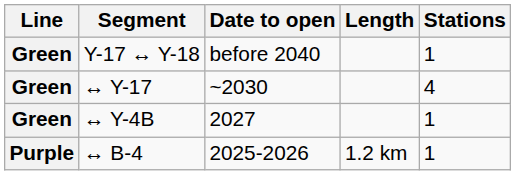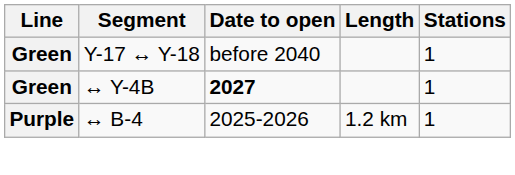 <table class=wikitable>
 <tr>
 <th>Line</th>
 <th>Segment</th>
 <th>Date to open</th>
 <th>Length</th>
 <th>Stations</th>
 </tr>
 <tr>
 <th style="background: #">Green</th>
 <td>Y-17 ↔ Y-18</td>
 <td>before 2040</td>
 <td></td>
 <td>1</td>
 </tr>
 <tr>
 <th style="background: #">Green</th>
-<td> ↔ Y-17</td>
-<td>~2030</td>
-<td></td>
-<td>4</td>
-</tr>
-<tr>
-<th style="background: #">Green</th>
 <td> ↔ Y-4B</td>
-<td>2027</td>
+<td><strong>2027</strong></td>
 <td></td>
 <td>1</td>
 </tr>
 <tr>
 <th style="background: #">Purple</th>
 <td> ↔ B-4</td>
 <td>2025-2026</td>
 <td>1.2 km</td>
 <td>1</td>
 </tr>
 </table>
